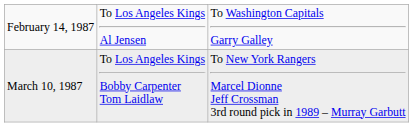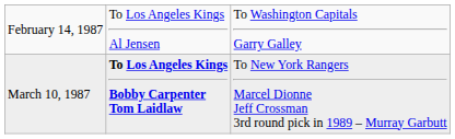 <table class="wikitable">
 <tr>
 <td>February 14, 1987</td>
 <td valign="top">To <a href='#'>Los Angeles Kings</a><hr><a href='#'>Al Jensen</a></td>
 <td valign="top">To <a href='#'>Washington Capitals</a><hr><a href='#'>Garry Galley</a></td>
 </tr>
 <tr style="background:#eee;">
 <td>March 10, 1987</td>
-<td valign="top">To <a href='#'>Los Angeles Kings</a><hr><a href='#'>Bobby Carpenter</a> <br> <a href='#'>Tom Laidlaw</a></td>
+<td valign="top"><strong>To <a href='#'>Los Angeles Kings</a><hr><a href='#'>Bobby Carpenter</a> <br> <a href='#'>Tom Laidlaw</a></strong></td>
 <td valign="top">To <a href='#'>New York Rangers</a><hr><a href='#'>Marcel Dionne</a> <br> <a href='#'>Jeff Crossman</a> <br> 3rd round pick in <a href='#'>1989</a> – <a href='#'>Murray Garbutt</a></td>
 </tr>
 </table>
